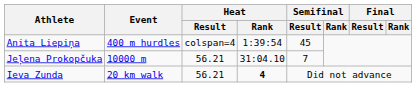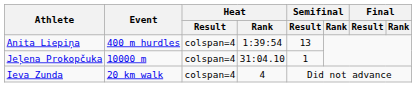 <table class="wikitable" style="font-size:90%">
 <tr>
 <th rowspan="2">Athlete</th>
 <th rowspan="2">Event</th>
 <th colspan="2">Heat</th>
 <th colspan="2">Semifinal</th>
 <th colspan="2">Final</th>
 </tr>
 <tr style="font-size:95%">
 <th>Result</th>
 <th>Rank</th>
 <th>Result</th>
 <th>Rank</th>
 <th>Result</th>
 <th>Rank</th>
 </tr>
 <tr align=center>
 <td align=left><a href='#'>Anita Liepiņa</a></td>
 <td align=left><a href='#'>400 m hurdles</a></td>
 <td>colspan=4 </td>
 <td>1:39:54</td>
-<td>45</td>
+<td>13</td>
 </tr>
 <tr align=center>
 <td align=left><a href='#'>Jeļena Prokopčuka</a></td>
 <td align=left><a href='#'>10000 m</a></td>
-<td>56.21</td>
+<td>colspan=4 </td>
 <td>31:04.10</td>
-<td>7</td>
+<td>1</td>
 </tr>
 <tr align=center>
 <td align=left><a href='#'>Ieva Zunda</a></td>
 <td align=left><a href='#'>20 km walk</a></td>
-<td>56.21</td>
-<td><strong>4</strong></td>
+<td>colspan=4 </td>
+<td>4</td>
 <td colspan=4>Did not advance</td>
 </tr>
 </table>
